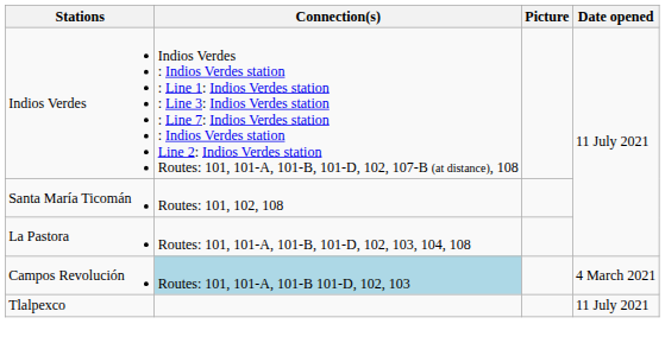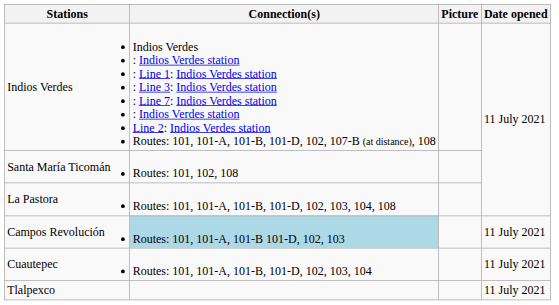 <table class="wikitable">
 <tr>
 <th width="160px">Stations</th>
 <th>Connection(s)</th>
 <th>Picture</th>
 <th>Date opened</th>
 </tr>
 <tr>
 <td> Indios Verdes</td>
 <td><br><li> Indios Verdes</li> <li> : <a href='#'>Indios Verdes station</a></li> <li> : <a href='#'>Line 1</a>: <a href='#'>Indios Verdes station</a></li> <li> : <a href='#'>Line 3</a>: <a href='#'>Indios Verdes station</a></li> <li> : <a href='#'>Line 7</a>: <a href='#'>Indios Verdes station</a></li> <li> : <a href='#'>Indios Verdes station</a></li> <li>  <a href='#'>Line 2</a>: <a href='#'>Indios Verdes station</a></li> <li> Routes: 101, 101-A, 101-B, 101-D, 102, 107-B <small>(at distance)</small>, 108</td>
 <td></td>
 <td rowspan=3>11 July 2021</td>
 </tr>
 <tr>
 <td> Santa María Ticomán</td>
 <td><br><li> Routes: 101, 102, 108</td>
 <td></td>
 </tr>
 <tr>
 <td> La Pastora</td>
 <td><br><li> Routes: 101, 101-A, 101-B, 101-D, 102, 103, 104, 108</td>
 <td></td>
 </tr>
 <tr>
 <td> Campos Revolución</td>
 <td style="background: lightblue;"><br><li> Routes: 101, 101-A, 101-B 101-D, 102, 103</td>
 <td></td>
-<td>4 March 2021</td>
+<td>11 July 2021</td>
+</tr>
+<tr>
+<td> Cuautepec</td>
+<td><br><li> Routes: 101, 101-A, 101-B, 101-D, 102, 103, 104</td>
+<td></td>
+<td>11 July 2021</td>
 </tr>
 <tr>
 <td> Tlalpexco</td>
 <td></td>
 <td></td>
 <td>11 July 2021</td>
 </tr>
 </table>
